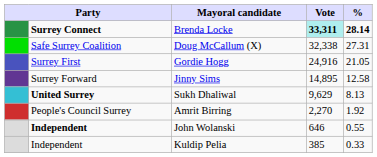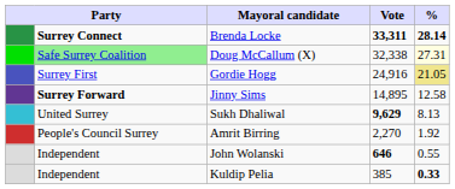 <table class="wikitable">
 <tr>
 <th style="background:#ddf;" width="250px" colspan="2">Party</th>
 <th style="background:#ddf;" width="200px">Mayoral candidate</th>
 <th style="background:#ddf;" width="50px">Vote</th>
 <th style="background:#ddf;" width="30px">%</th>
 </tr>
 <tr>
 <td style="background:#289345;" width="30px"> </td>
 <td><strong>Surrey Connect</strong></td>
 <td><a href='#'>Brenda Locke</a></td>
-<td style="background: paleturquoise;"><strong>33,311</strong></td>
+<td><strong>33,311</strong></td>
 <td><strong>28.14</strong></td>
 </tr>
 <tr>
 <td style="background:#01DF01;" width="30px"> </td>
-<td><a href='#'>Safe Surrey Coalition</a></td>
+<td style="background: lightgreen;"><a href='#'>Safe Surrey Coalition</a></td>
 <td><a href='#'>Doug McCallum</a> (X)</td>
 <td>32,338</td>
-<td>27.31</td>
+<td style="background: lightyellow;">27.31</td>
 </tr>
 <tr>
 <td style="background:#4953BE;" width="30px"> </td>
 <td><a href='#'>Surrey First</a></td>
 <td><a href='#'>Gordie Hogg</a></td>
 <td>24,916</td>
-<td>21.05</td>
+<td style="background: khaki;">21.05</td>
 </tr>
 <tr>
 <td style="background:#613693;" width="30px"> </td>
-<td>Surrey Forward</td>
+<td><strong>Surrey Forward</strong></td>
 <td><a href='#'>Jinny Sims</a></td>
 <td>14,895</td>
 <td>12.58</td>
 </tr>
 <tr>
 <td style="background:#34bfd4;" width="30px"> </td>
-<td><strong>United Surrey</strong></td>
+<td>United Surrey</td>
 <td>Sukh Dhaliwal</td>
-<td>9,629</td>
+<td><strong>9,629</strong></td>
 <td>8.13</td>
 </tr>
 <tr>
 <td style="background:#cf2e2e;" width="30px"> </td>
 <td>People's Council Surrey</td>
 <td>Amrit Birring</td>
 <td>2,270</td>
 <td>1.92</td>
 </tr>
 <tr>
 <td style="background:gainsboro" width="30px"> </td>
-<td><strong>Independent</strong></td>
+<td>Independent</td>
 <td>John Wolanski</td>
-<td>646</td>
+<td><strong>646</strong></td>
 <td>0.55</td>
 </tr>
 <tr>
 <td style="background:gainsboro" width="30px"> </td>
 <td>Independent</td>
 <td>Kuldip Pelia</td>
 <td>385</td>
-<td>0.33</td>
+<td><strong>0.33</strong></td>
 </tr>
 </table>
